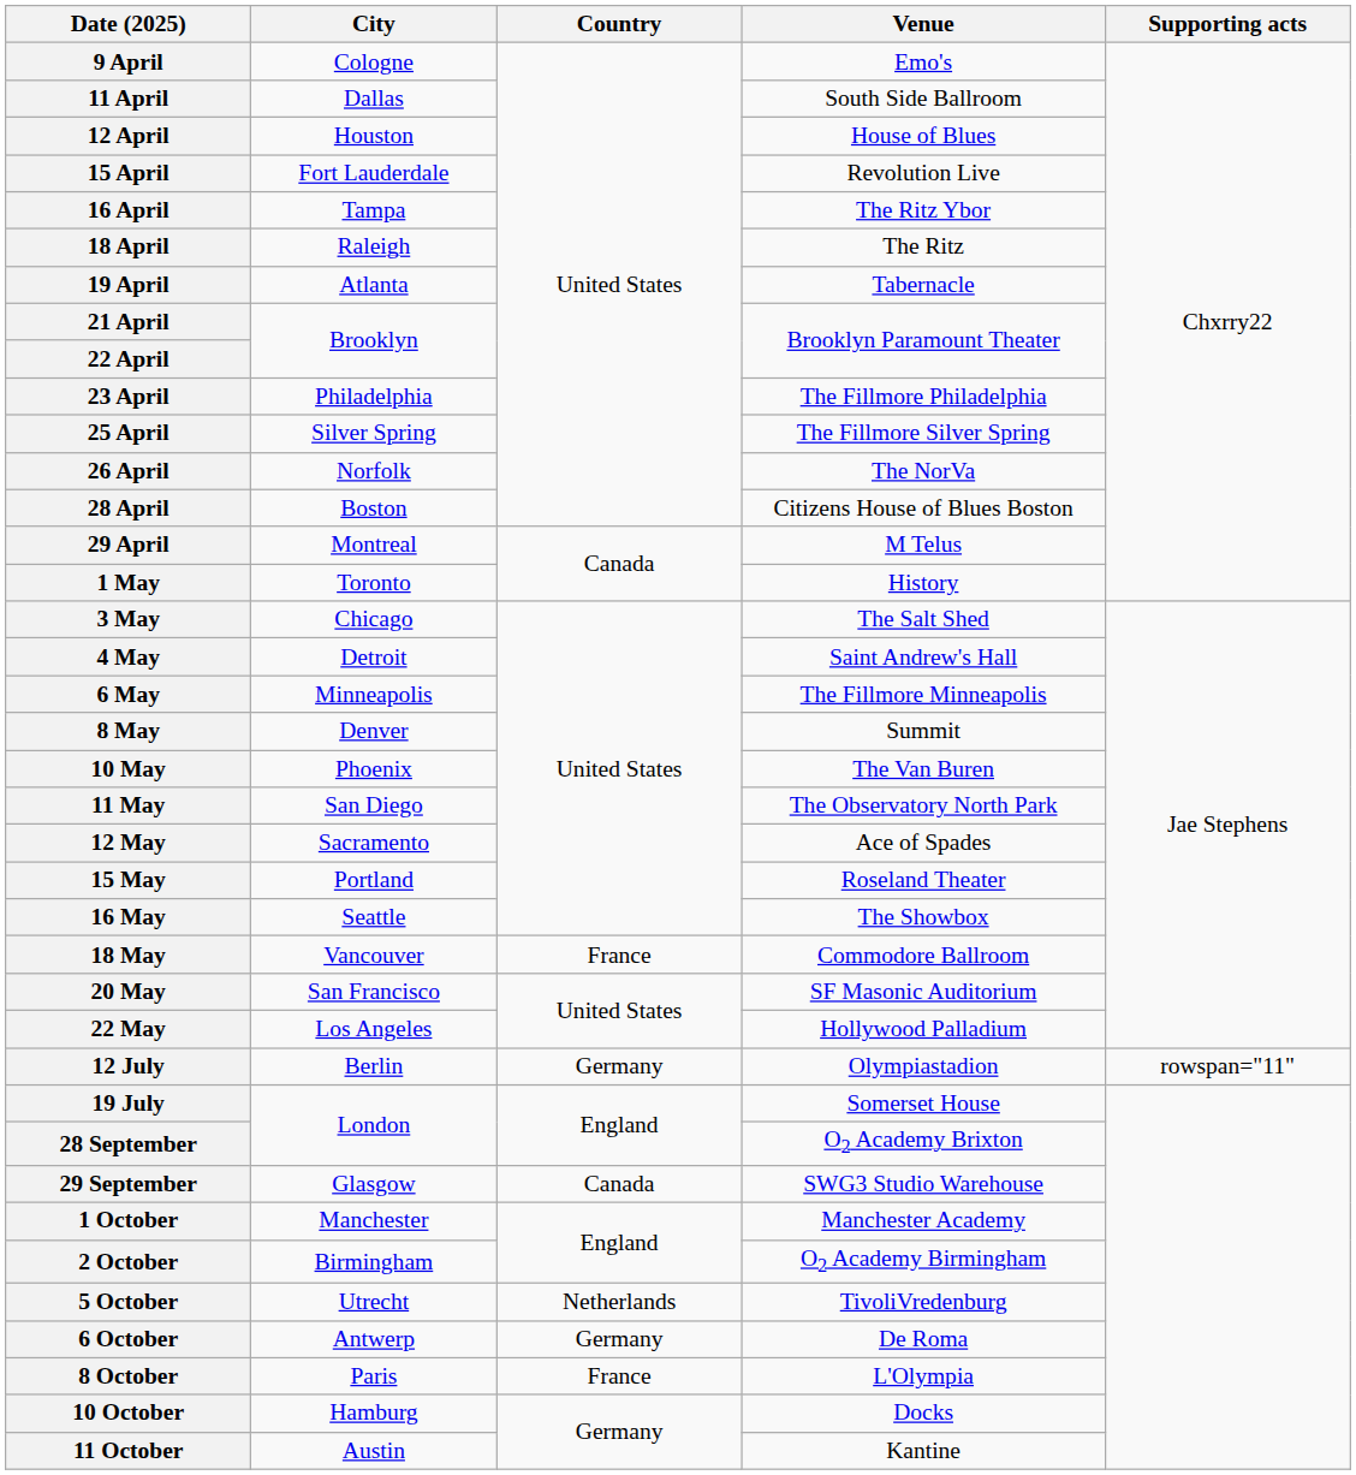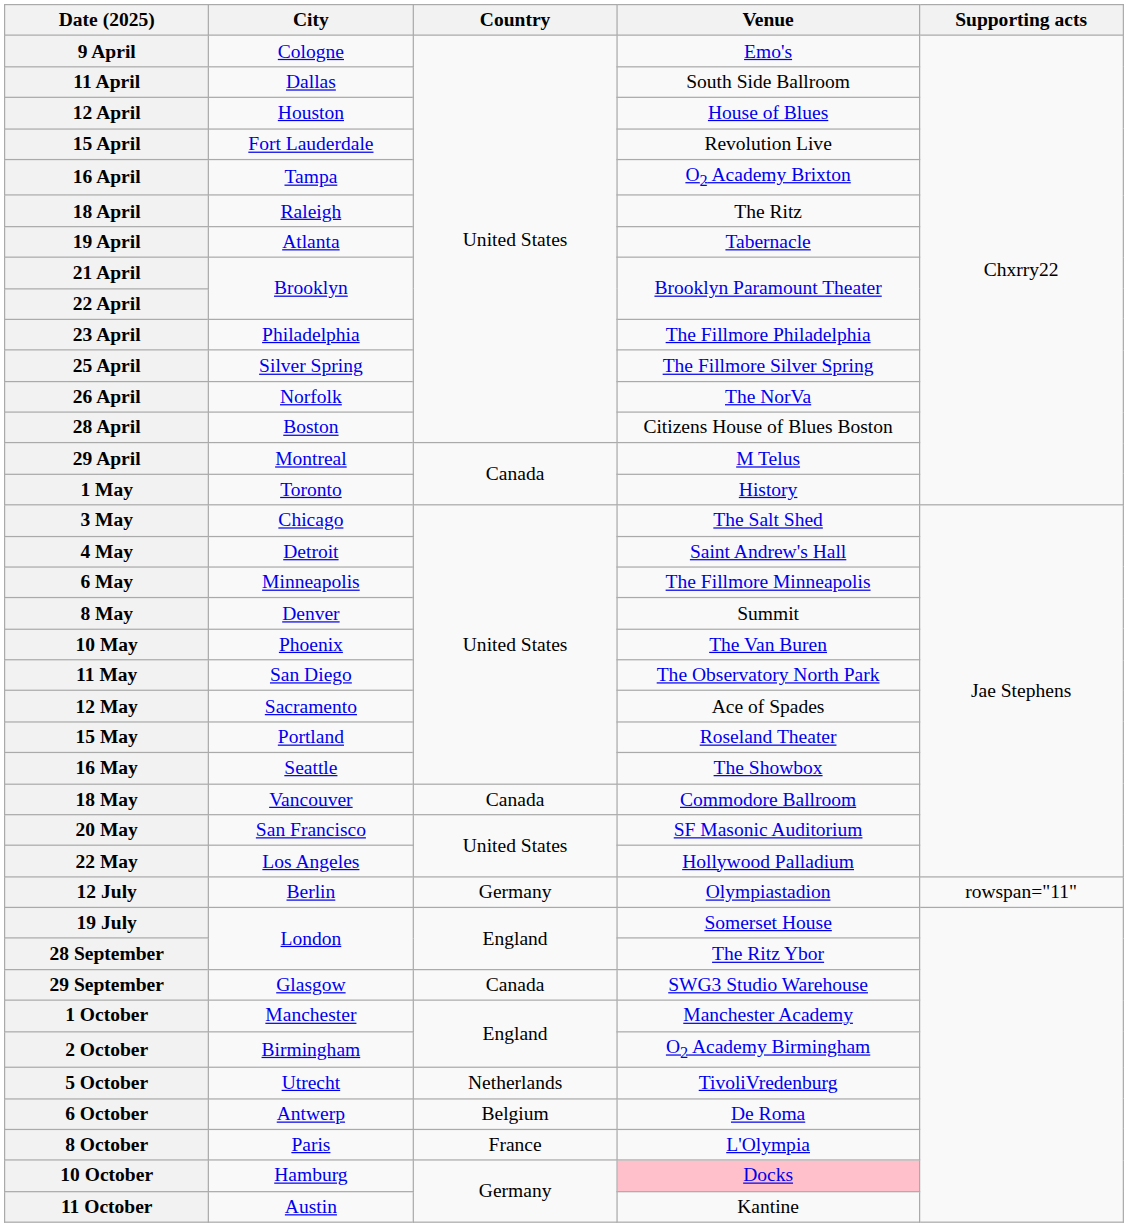 <table class="wikitable plainrowheaders" style="text-align:center;">
 <tr>
 <th scope="col" style="width:10em;">Date (2025)</th>
 <th scope="col" style="width:10em;">City</th>
 <th scope="col" style="width:10em;">Country</th>
 <th scope="col" style="width:15em;">Venue</th>
 <th scope="col" style="width:10em;">Supporting acts</th>
 </tr>
 <tr>
 <th scope="row" style="text-align:center;">9 April</th>
 <td><a href='#'>Cologne</a></td>
 <td rowspan="13">United States</td>
 <td><a href='#'>Emo's</a></td>
 <td rowspan="15">Chxrry22</td>
 </tr>
 <tr>
 <th scope="row" style="text-align:center;">11 April</th>
 <td><a href='#'>Dallas</a></td>
 <td>South Side Ballroom</td>
 </tr>
 <tr>
 <th scope="row" style="text-align:center;">12 April</th>
 <td><a href='#'>Houston</a></td>
 <td><a href='#'>House of Blues</a></td>
 </tr>
 <tr>
 <th scope="row" style="text-align:center;">15 April</th>
 <td><a href='#'>Fort Lauderdale</a></td>
 <td>Revolution Live</td>
 </tr>
 <tr>
 <th scope="row" style="text-align:center;">16 April</th>
 <td><a href='#'>Tampa</a></td>
-<td><a href='#'>The Ritz Ybor</a></td>
+<td><a href='#'>O<sub>2</sub> Academy Brixton</a></td>
 </tr>
 <tr>
 <th scope="row" style="text-align:center;">18 April</th>
 <td><a href='#'>Raleigh</a></td>
 <td>The Ritz</td>
 </tr>
 <tr>
 <th scope="row" style="text-align:center;">19 April</th>
 <td><a href='#'>Atlanta</a></td>
 <td><a href='#'>Tabernacle</a></td>
 </tr>
 <tr>
 <th scope="row" style="text-align:center;">21 April</th>
 <td rowspan="2"><a href='#'>Brooklyn</a></td>
 <td rowspan="2"><a href='#'>Brooklyn Paramount Theater</a></td>
 </tr>
 <tr>
 <th scope="row" style="text-align:center;">22 April</th>
 </tr>
 <tr>
 <th scope="row" style="text-align:center;">23 April</th>
 <td><a href='#'>Philadelphia</a></td>
 <td><a href='#'>The Fillmore Philadelphia</a></td>
 </tr>
 <tr>
 <th scope="row" style="text-align:center;">25 April</th>
 <td><a href='#'>Silver Spring</a></td>
 <td><a href='#'>The Fillmore Silver Spring</a></td>
 </tr>
 <tr>
 <th scope="row" style="text-align:center;">26 April</th>
 <td><a href='#'>Norfolk</a></td>
 <td><a href='#'>The NorVa</a></td>
 </tr>
 <tr>
 <th scope="row" style="text-align:center;">28 April</th>
 <td><a href='#'>Boston</a></td>
 <td>Citizens House of Blues Boston</td>
 </tr>
 <tr>
 <th scope="row" style="text-align:center;">29 April</th>
 <td><a href='#'>Montreal</a></td>
 <td rowspan="2">Canada</td>
 <td><a href='#'>M Telus</a></td>
 </tr>
 <tr>
 <th scope="row" style="text-align:center;">1 May</th>
 <td><a href='#'>Toronto</a></td>
 <td><a href='#'>History</a></td>
 </tr>
 <tr>
 <th scope="row" style="text-align:center;">3 May</th>
 <td><a href='#'>Chicago</a></td>
 <td rowspan="9">United States</td>
 <td><a href='#'>The Salt Shed</a></td>
 <td rowspan="12">Jae Stephens</td>
 </tr>
 <tr>
 <th scope="row" style="text-align:center;">4 May</th>
 <td><a href='#'>Detroit</a></td>
 <td><a href='#'>Saint Andrew's Hall</a></td>
 </tr>
 <tr>
 <th scope="row" style="text-align:center;">6 May</th>
 <td><a href='#'>Minneapolis</a></td>
 <td><a href='#'>The Fillmore Minneapolis</a></td>
 </tr>
 <tr>
 <th scope="row" style="text-align:center;">8 May</th>
 <td><a href='#'>Denver</a></td>
 <td>Summit</td>
 </tr>
 <tr>
 <th scope="row" style="text-align:center;">10 May</th>
 <td><a href='#'>Phoenix</a></td>
 <td><a href='#'>The Van Buren</a></td>
 </tr>
 <tr>
 <th scope="row" style="text-align:center;">11 May</th>
 <td><a href='#'>San Diego</a></td>
 <td><a href='#'>The Observatory North Park</a></td>
 </tr>
 <tr>
 <th scope="row" style="text-align:center;">12 May</th>
 <td><a href='#'>Sacramento</a></td>
 <td>Ace of Spades</td>
 </tr>
 <tr>
 <th scope="row" style="text-align:center;">15 May</th>
 <td><a href='#'>Portland</a></td>
 <td><a href='#'>Roseland Theater</a></td>
 </tr>
 <tr>
 <th scope="row" style="text-align:center;">16 May</th>
 <td><a href='#'>Seattle</a></td>
 <td><a href='#'>The Showbox</a></td>
 </tr>
 <tr>
 <th scope="row" style="text-align:center;">18 May</th>
 <td><a href='#'>Vancouver</a></td>
-<td>France</td>
+<td>Canada</td>
 <td><a href='#'>Commodore Ballroom</a></td>
 </tr>
 <tr>
 <th scope="row" style="text-align:center;">20 May</th>
 <td><a href='#'>San Francisco</a></td>
 <td rowspan="2">United States</td>
 <td><a href='#'>SF Masonic Auditorium</a></td>
 </tr>
 <tr>
 <th scope="row" style="text-align:center;">22 May</th>
 <td><a href='#'>Los Angeles</a></td>
 <td><a href='#'>Hollywood Palladium</a></td>
 </tr>
 <tr>
 <th scope="row" style="text-align:center;">12 July</th>
 <td><a href='#'>Berlin</a></td>
 <td>Germany</td>
 <td><a href='#'>Olympiastadion</a></td>
 <td>rowspan="11" </td>
 </tr>
 <tr>
 <th scope="row" style="text-align:center;">19 July</th>
 <td rowspan="2"><a href='#'>London</a></td>
 <td rowspan="2">England</td>
 <td><a href='#'>Somerset House</a></td>
 </tr>
 <tr>
 <th scope="row" style="text-align:center;">28 September</th>
-<td><a href='#'>O<sub>2</sub> Academy Brixton</a></td>
+<td><a href='#'>The Ritz Ybor</a></td>
 </tr>
 <tr>
 <th scope="row" style="text-align:center;">29 September</th>
 <td><a href='#'>Glasgow</a></td>
 <td>Canada</td>
 <td><a href='#'>SWG3 Studio Warehouse</a></td>
 </tr>
 <tr>
 <th scope="row" style="text-align:center;">1 October</th>
 <td><a href='#'>Manchester</a></td>
 <td rowspan="2">England</td>
 <td><a href='#'>Manchester Academy</a></td>
 </tr>
 <tr>
 <th scope="row" style="text-align:center;">2 October</th>
 <td><a href='#'>Birmingham</a></td>
 <td><a href='#'>O<sub>2</sub> Academy Birmingham</a></td>
 </tr>
 <tr>
 <th scope="row" style="text-align:center;">5 October</th>
 <td><a href='#'>Utrecht</a></td>
 <td>Netherlands</td>
 <td><a href='#'>TivoliVredenburg</a></td>
 </tr>
 <tr>
 <th scope="row" style="text-align:center;">6 October</th>
 <td><a href='#'>Antwerp</a></td>
-<td>Germany</td>
+<td>Belgium</td>
 <td><a href='#'>De Roma</a></td>
 </tr>
 <tr>
 <th scope="row" style="text-align:center;">8 October</th>
 <td><a href='#'>Paris</a></td>
 <td>France</td>
 <td><a href='#'>L'Olympia</a></td>
 </tr>
 <tr>
 <th scope="row" style="text-align:center;">10 October</th>
 <td><a href='#'>Hamburg</a></td>
 <td rowspan="2">Germany</td>
-<td><a href='#'>Docks</a></td>
+<td style="background: pink;"><a href='#'>Docks</a></td>
 </tr>
 <tr>
 <th scope="row" style="text-align:center;">11 October</th>
 <td><a href='#'>Austin</a></td>
 <td>Kantine</td>
 </tr>
 </table>
